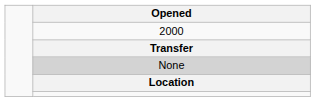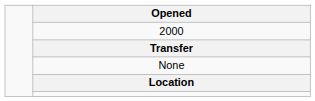 <table class=wikitable style="text-align: center; width: 450px; float:right">
 <tr>
 <td rowspan="6"></td>
 <th>Opened</th>
 </tr>
 <tr>
 <td>2000</td>
 </tr>
 <tr>
 <th>Transfer</th>
 </tr>
 <tr>
-<td style="background: lightgrey;">None</td>
+<td>None</td>
 </tr>
 <tr>
 <th>Location</th>
 </tr>
 <tr>
 <td></td>
 </tr>
 </table>
